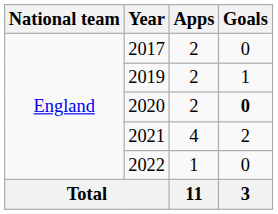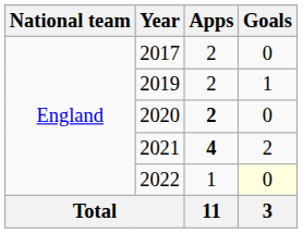 <table class="wikitable" style="text-align: center;">
 <tr>
 <th>National team</th>
 <th>Year</th>
 <th>Apps</th>
 <th>Goals</th>
 </tr>
 <tr>
 <td rowspan="5"><a href='#'>England</a></td>
 <td>2017</td>
 <td>2</td>
 <td>0</td>
 </tr>
 <tr>
 <td>2019</td>
 <td>2</td>
 <td>1</td>
 </tr>
 <tr>
 <td>2020</td>
-<td>2</td>
-<td><strong>0</strong></td>
+<td><strong>2</strong></td>
+<td>0</td>
 </tr>
 <tr>
 <td>2021</td>
-<td>4</td>
+<td><strong>4</strong></td>
 <td>2</td>
 </tr>
 <tr>
 <td>2022</td>
 <td>1</td>
-<td>0</td>
+<td style="background: lightyellow;">0</td>
 </tr>
 <tr>
 <th colspan="2">Total</th>
 <th>11</th>
 <th>3</th>
 </tr>
 </table>
